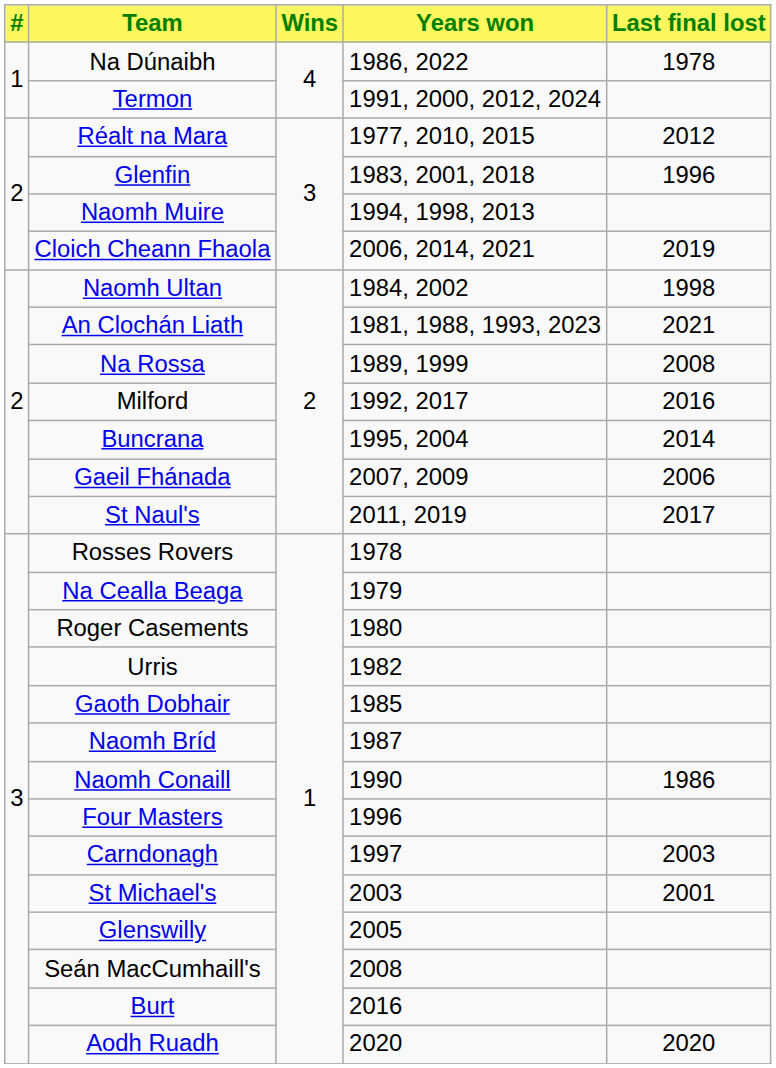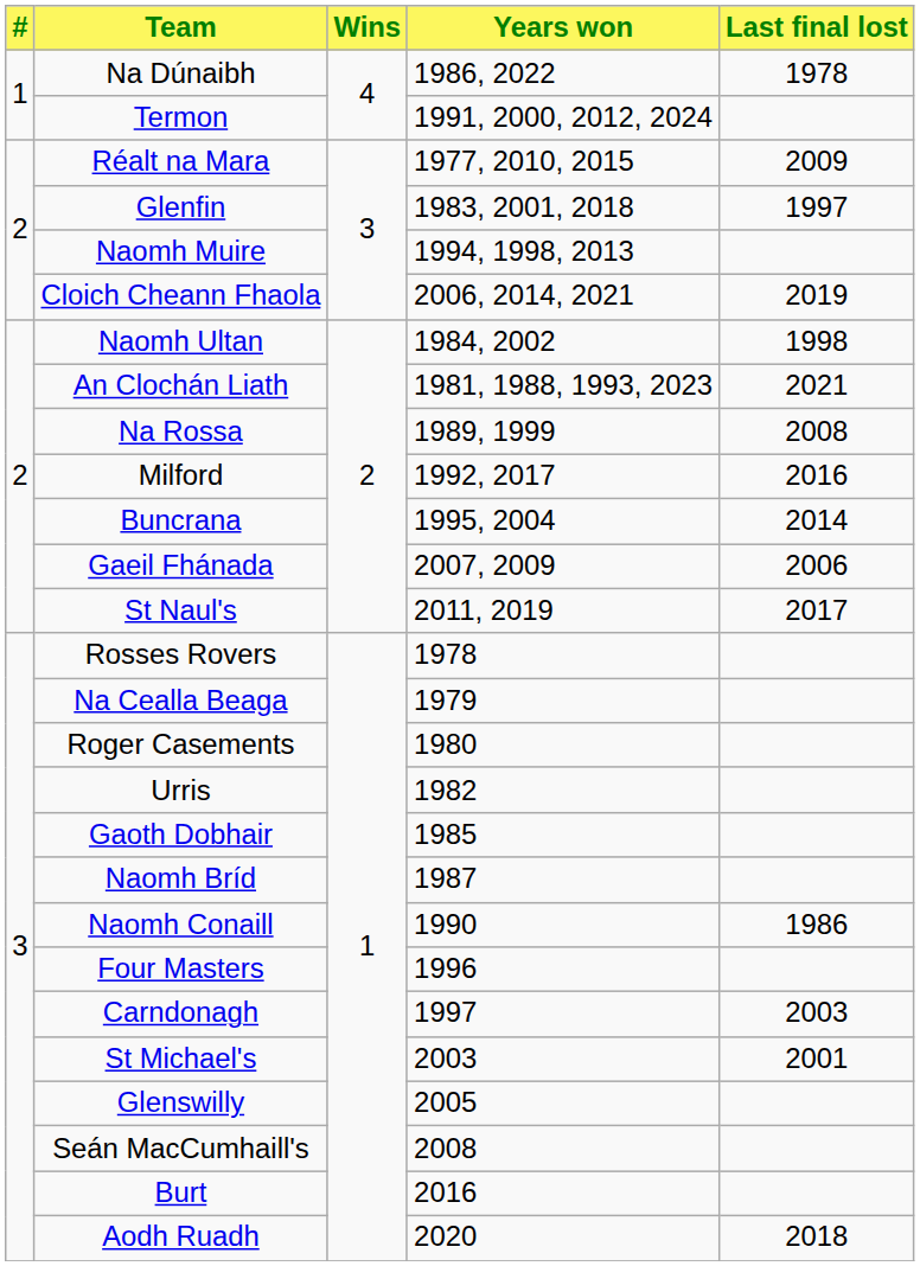 <table class="wikitable" style="text-align:center;">
 <tr>
 <th style="background:#FCF75E;color:green;">#</th>
 <th style="background:#FCF75E;color:green;">Team</th>
 <th style="background:#FCF75E;color:green;">Wins</th>
 <th style="background:#FCF75E;color:green;">Years won</th>
 <th style="background:#FCF75E;color:green;">Last final lost</th>
 </tr>
 <tr>
 <td rowspan=2>1</td>
 <td>Na Dúnaibh</td>
 <td rowspan=2>4</td>
 <td style="text-align:left;">1986, 2022</td>
 <td>1978</td>
 </tr>
 <tr>
 <td><a href='#'>Termon</a></td>
 <td style="text-align:left;">1991, 2000, 2012, 2024</td>
 <td></td>
 </tr>
 <tr>
 <td rowspan=4>2</td>
 <td><a href='#'>Réalt na Mara</a></td>
 <td rowspan=4>3</td>
 <td style="text-align:left;">1977, 2010, 2015</td>
-<td>2012</td>
+<td>2009</td>
 </tr>
 <tr>
 <td><a href='#'>Glenfin</a></td>
 <td style="text-align:left;">1983, 2001, 2018</td>
-<td>1996</td>
+<td>1997</td>
 </tr>
 <tr>
 <td><a href='#'>Naomh Muire</a></td>
 <td style="text-align:left;">1994, 1998, 2013</td>
 <td></td>
 </tr>
 <tr>
 <td><a href='#'>Cloich Cheann Fhaola</a></td>
 <td style="text-align:left;">2006, 2014, 2021</td>
 <td>2019</td>
 </tr>
 <tr>
 <td rowspan=7>2</td>
 <td><a href='#'>Naomh Ultan</a></td>
 <td rowspan=7>2</td>
 <td style="text-align:left;">1984, 2002</td>
 <td>1998</td>
 </tr>
 <tr>
 <td><a href='#'>An Clochán Liath</a></td>
 <td style="text-align:left;">1981, 1988, 1993, 2023</td>
 <td>2021</td>
 </tr>
 <tr>
 <td><a href='#'>Na Rossa</a></td>
 <td style="text-align:left;">1989, 1999</td>
 <td>2008</td>
 </tr>
 <tr>
 <td>Milford</td>
 <td style="text-align:left;">1992, 2017</td>
 <td>2016</td>
 </tr>
 <tr>
 <td><a href='#'>Buncrana</a></td>
 <td style="text-align:left;">1995, 2004</td>
 <td>2014</td>
 </tr>
 <tr>
 <td><a href='#'>Gaeil Fhánada</a></td>
 <td style="text-align:left;">2007, 2009</td>
 <td>2006</td>
 </tr>
 <tr>
 <td><a href='#'>St Naul's</a></td>
 <td style="text-align:left;">2011, 2019</td>
 <td>2017</td>
 </tr>
 <tr>
 <td rowspan=14>3</td>
 <td>Rosses Rovers</td>
 <td rowspan=14>1</td>
 <td style="text-align:left;">1978</td>
 <td></td>
 </tr>
 <tr>
 <td><a href='#'>Na Cealla Beaga</a></td>
 <td style="text-align:left;">1979</td>
 <td></td>
 </tr>
 <tr>
 <td>Roger Casements</td>
 <td style="text-align:left;">1980</td>
 <td></td>
 </tr>
 <tr>
 <td>Urris</td>
 <td style="text-align:left;">1982</td>
 <td></td>
 </tr>
 <tr>
 <td><a href='#'>Gaoth Dobhair</a></td>
 <td style="text-align:left;">1985</td>
 <td></td>
 </tr>
 <tr>
 <td><a href='#'>Naomh Bríd</a></td>
 <td style="text-align:left;">1987</td>
 <td></td>
 </tr>
 <tr>
 <td><a href='#'>Naomh Conaill</a></td>
 <td style="text-align:left;">1990</td>
 <td>1986</td>
 </tr>
 <tr>
 <td><a href='#'>Four Masters</a></td>
 <td style="text-align:left;">1996</td>
 <td></td>
 </tr>
 <tr>
 <td><a href='#'>Carndonagh</a></td>
 <td style="text-align:left;">1997</td>
 <td>2003</td>
 </tr>
 <tr>
 <td><a href='#'>St Michael's</a></td>
 <td style="text-align:left;">2003</td>
 <td>2001</td>
 </tr>
 <tr>
 <td><a href='#'>Glenswilly</a></td>
 <td style="text-align:left;">2005</td>
 <td></td>
 </tr>
 <tr>
 <td>Seán MacCumhaill's</td>
 <td style="text-align:left;">2008</td>
 <td></td>
 </tr>
 <tr>
 <td><a href='#'>Burt</a></td>
 <td style="text-align:left;">2016</td>
 <td></td>
 </tr>
 <tr>
 <td><a href='#'>Aodh Ruadh</a></td>
 <td style="text-align:left;">2020</td>
-<td>2020</td>
+<td>2018</td>
 </tr>
 <tr>
 </tr>
 </table>
